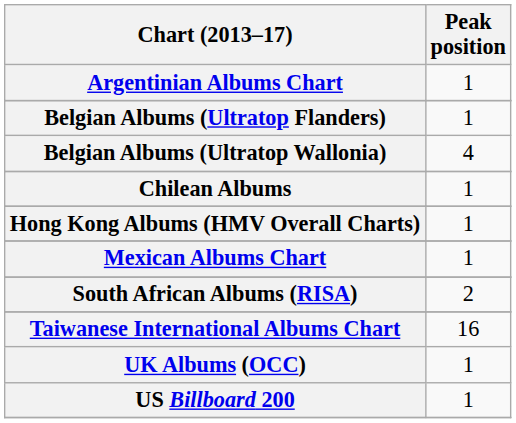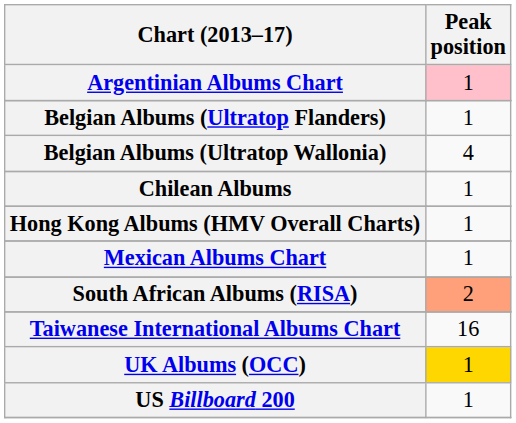 <table class="wikitable sortable plainrowheaders" style="text-align:center;">
 <tr>
 <th>Chart (2013–17)</th>
 <th>Peak<br>position</th>
 </tr>
 <tr>
 <th scope="row"><a href='#'>Argentinian Albums Chart</a></th>
-<td>1</td>
+<td style="background: pink;">1</td>
 </tr>
 <tr>
 </tr>
 <tr>
 </tr>
 <tr>
 <th scope="row">Belgian Albums (<a href='#'>Ultratop</a> Flanders)</th>
 <td>1</td>
 </tr>
 <tr>
 <th scope="row">Belgian Albums (Ultratop Wallonia)</th>
 <td>4</td>
 </tr>
 <tr>
 </tr>
 <tr>
 <th scope="row">Chilean Albums</th>
 <td>1</td>
 </tr>
 <tr>
 </tr>
 <tr>
 </tr>
 <tr>
 </tr>
 <tr>
 </tr>
 <tr>
 </tr>
 <tr>
 <th scope="row">Hong Kong Albums (HMV Overall Charts)</th>
 <td>1</td>
 </tr>
 <tr>
 </tr>
 <tr>
 </tr>
 <tr>
 </tr>
 <tr>
 <th scope="row"><a href='#'>Mexican Albums Chart</a></th>
 <td>1</td>
 </tr>
 <tr>
 </tr>
 <tr>
 </tr>
 <tr>
 </tr>
 <tr>
 </tr>
 <tr>
 </tr>
 <tr>
 <th scope="row">South African Albums (<a href='#'>RISA</a>)</th>
-<td>2</td>
+<td style="background: lightsalmon;">2</td>
 </tr>
 <tr>
 </tr>
 <tr>
 </tr>
 <tr>
 </tr>
 <tr>
 <th scope="row"><a href='#'>Taiwanese International Albums Chart</a></th>
 <td>16</td>
 </tr>
 <tr>
 <th scope="row"><a href='#'>UK Albums</a> (<a href='#'>OCC</a>)</th>
-<td>1</td>
+<td style="background: gold;">1</td>
 </tr>
 <tr>
 <th scope="row">US <a href='#'><em>Billboard</em> 200</a></th>
 <td>1</td>
 </tr>
 <tr>
 </tr>
 </table>
